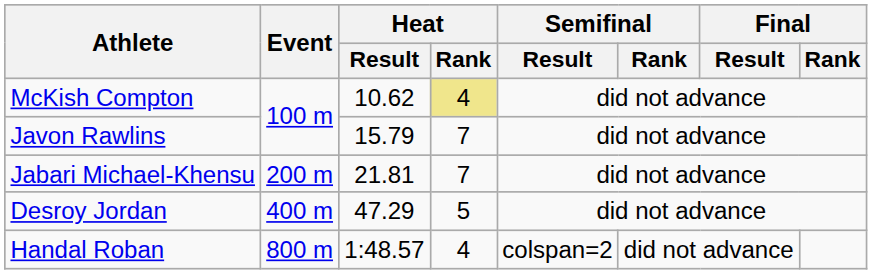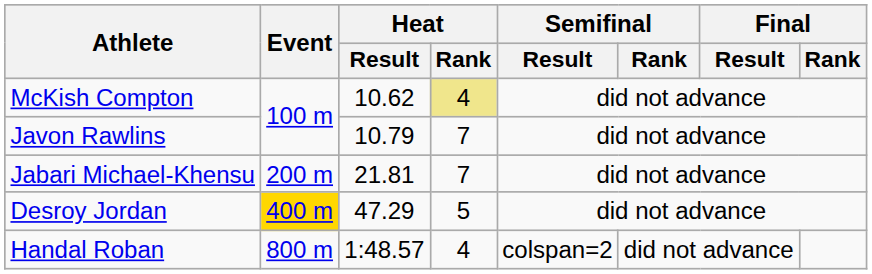 <table class="wikitable" style="font-size:90%; text-align:center">
 <tr>
 <th rowspan=2>Athlete</th>
 <th rowspan=2>Event</th>
 <th colspan=2>Heat</th>
 <th colspan=2>Semifinal</th>
 <th colspan=2>Final</th>
 </tr>
 <tr style="font-size:95%">
 <th>Result</th>
 <th>Rank</th>
 <th>Result</th>
 <th>Rank</th>
 <th>Result</th>
 <th>Rank</th>
 </tr>
 <tr>
 <td align=left><a href='#'>McKish Compton</a></td>
 <td align=left rowspan=2><a href='#'>100 m</a></td>
 <td>10.62</td>
 <td style="background: khaki;">4</td>
 <td colspan=4>did not advance</td>
 </tr>
 <tr>
 <td align=left><a href='#'>Javon Rawlins</a></td>
-<td>15.79</td>
+<td>10.79</td>
 <td>7</td>
 <td colspan=4>did not advance</td>
 </tr>
 <tr>
 <td align=left><a href='#'>Jabari Michael-Khensu</a></td>
 <td align=left rowspan=1><a href='#'>200 m</a></td>
 <td>21.81</td>
 <td>7</td>
 <td colspan=4>did not advance</td>
 </tr>
 <tr>
 <td align=left><a href='#'>Desroy Jordan</a></td>
-<td align=left rowspan=1><a href='#'>400 m</a></td>
+<td align=left rowspan=1 style="background: gold;"><a href='#'>400 m</a></td>
 <td>47.29</td>
 <td>5</td>
 <td colspan=4>did not advance</td>
 </tr>
 <tr>
 <td align=left><a href='#'>Handal Roban</a></td>
 <td align=left rowspan=1><a href='#'>800 m</a></td>
 <td>1:48.57</td>
 <td>4</td>
 <td>colspan=2 </td>
 <td colspan=2>did not advance</td>
 </tr>
 </table>
